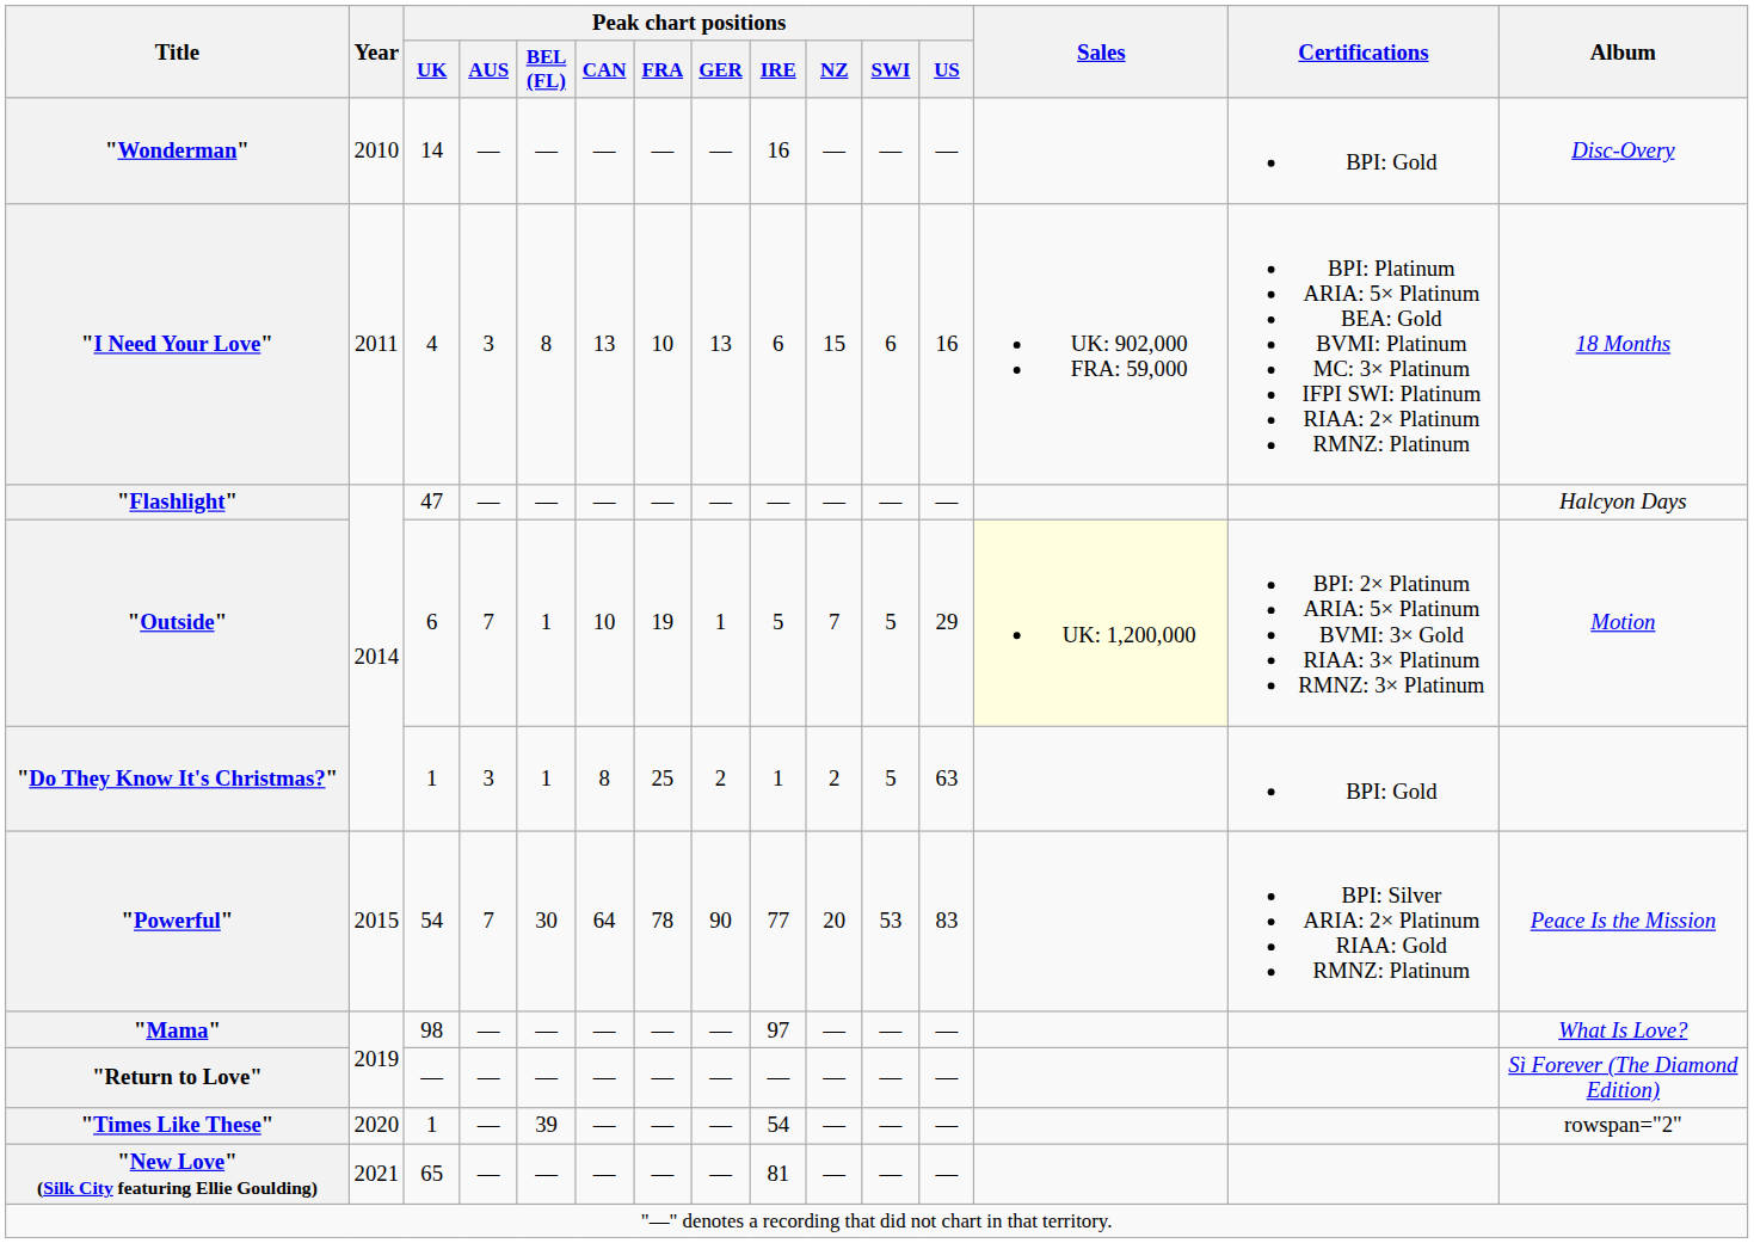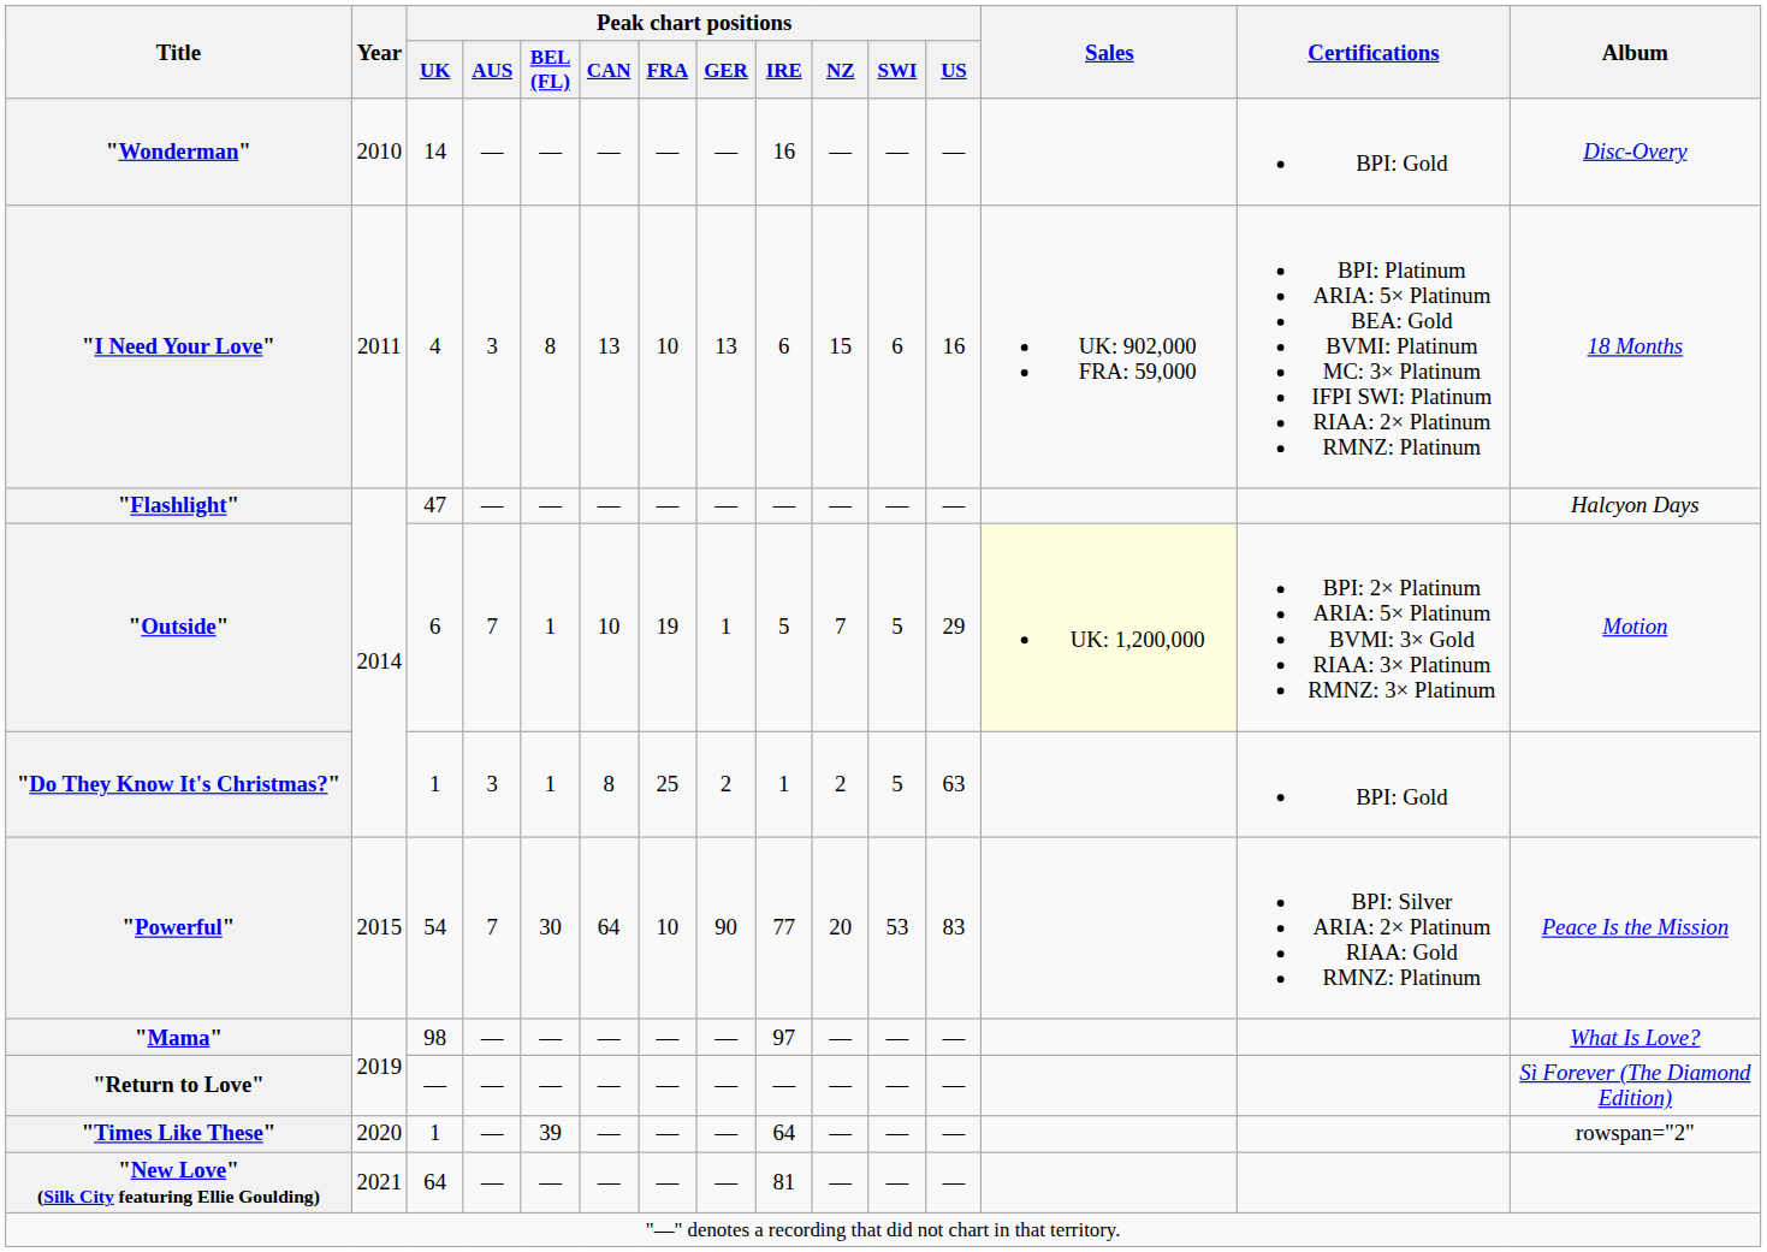 <table class="wikitable plainrowheaders" style="text-align:center;">
 <tr>
 <th scope="col" rowspan="2" style="width:17em;">Title</th>
 <th scope="col" rowspan="2" style="width:1em;">Year</th>
 <th scope="col" colspan="10">Peak chart positions</th>
 <th scope="col" rowspan="2" style="width:12em;"><a href='#'>Sales</a></th>
 <th scope="col" rowspan="2" style="width:13em;"><a href='#'>Certifications</a></th>
 <th scope="col" rowspan="2" style="width:12em;">Album</th>
 </tr>
 <tr>
 <th scope="col" style="width:2.5em;font-size:90%;"><a href='#'>UK</a><br></th>
 <th scope="col" style="width:2.5em;font-size:90%;"><a href='#'>AUS</a><br></th>
 <th scope="col" style="width:2.5em;font-size:90%;"><a href='#'>BEL <br>(FL)</a><br></th>
 <th scope="col" style="width:2.5em;font-size:90%;"><a href='#'>CAN</a><br></th>
 <th scope="col" style="width:2.5em;font-size:90%;"><a href='#'>FRA</a><br></th>
 <th scope="col" style="width:2.5em;font-size:90%;"><a href='#'>GER</a><br></th>
 <th scope="col" style="width:2.5em;font-size:90%;"><a href='#'>IRE</a><br></th>
 <th scope="col" style="width:2.5em;font-size:90%;"><a href='#'>NZ</a><br></th>
 <th scope="col" style="width:2.5em;font-size:90%;"><a href='#'>SWI</a><br></th>
 <th scope="col" style="width:2.5em;font-size:90%;"><a href='#'>US</a><br></th>
 </tr>
 <tr>
 <th scope="row">"<a href='#'>Wonderman</a>"<br></th>
 <td>2010</td>
 <td>14</td>
 <td>—</td>
 <td>—</td>
 <td>—</td>
 <td>—</td>
 <td>—</td>
 <td>16</td>
 <td>—</td>
 <td>—</td>
 <td>—</td>
 <td></td>
 <td><br><ul><li>BPI: Gold</li></ul></td>
 <td><em><a href='#'>Disc-Overy</a></em></td>
 </tr>
 <tr>
 <th scope="row">"<a href='#'>I Need Your Love</a>"<br></th>
 <td>2011</td>
 <td>4</td>
 <td>3</td>
 <td>8</td>
 <td>13</td>
 <td>10</td>
 <td>13</td>
 <td>6</td>
 <td>15</td>
 <td>6</td>
 <td>16</td>
 <td><br><ul><li>UK: 902,000</li><li>FRA: 59,000</li></ul></td>
 <td><br><ul><li>BPI: Platinum</li><li>ARIA: 5× Platinum</li><li>BEA: Gold</li><li>BVMI: Platinum</li><li>MC: 3× Platinum</li><li>IFPI SWI: Platinum</li><li>RIAA: 2× Platinum</li><li>RMNZ: Platinum</li></ul></td>
 <td><em><a href='#'>18 Months</a></em></td>
 </tr>
 <tr>
 <th scope="row">"<a href='#'>Flashlight</a>"<br></th>
 <td rowspan="3">2014</td>
 <td>47</td>
 <td>—</td>
 <td>—</td>
 <td>—</td>
 <td>—</td>
 <td>—</td>
 <td>—</td>
 <td>—</td>
 <td>—</td>
 <td>—</td>
 <td></td>
 <td></td>
 <td><em>Halcyon Days</em></td>
 </tr>
 <tr>
 <th scope="row">"<a href='#'>Outside</a>"<br></th>
 <td>6</td>
 <td>7</td>
 <td>1</td>
 <td>10</td>
 <td>19</td>
 <td>1</td>
 <td>5</td>
 <td>7</td>
 <td>5</td>
 <td>29</td>
 <td style="background: lightyellow;"><br><ul><li>UK: 1,200,000</li></ul></td>
 <td><br><ul><li>BPI: 2× Platinum</li><li>ARIA: 5× Platinum</li><li>BVMI: 3× Gold</li><li>RIAA: 3× Platinum</li><li>RMNZ: 3× Platinum</li></ul></td>
 <td><em><a href='#'>Motion</a></em></td>
 </tr>
 <tr>
 <th scope="row">"<a href='#'>Do They Know It's Christmas?</a>"<br></th>
 <td>1</td>
 <td>3</td>
 <td>1</td>
 <td>8</td>
 <td>25</td>
 <td>2</td>
 <td>1</td>
 <td>2</td>
 <td>5</td>
 <td>63</td>
 <td></td>
 <td><br><ul><li>BPI: Gold</li></ul></td>
 <td></td>
 </tr>
 <tr>
 <th scope="row">"<a href='#'>Powerful</a>"<br></th>
 <td>2015</td>
 <td>54</td>
 <td>7</td>
 <td>30</td>
 <td>64</td>
-<td>78</td>
+<td>10</td>
 <td>90</td>
 <td>77</td>
 <td>20</td>
 <td>53</td>
 <td>83</td>
 <td></td>
 <td><br><ul><li>BPI: Silver</li><li>ARIA: 2× Platinum</li><li>RIAA: Gold</li><li>RMNZ: Platinum</li></ul></td>
 <td><em><a href='#'>Peace Is the Mission</a></em></td>
 </tr>
 <tr>
 <th scope="row">"<a href='#'>Mama</a>"<br></th>
 <td rowspan="2">2019</td>
 <td>98</td>
 <td>—</td>
 <td>—</td>
 <td>—</td>
 <td>—</td>
 <td>—</td>
 <td>97</td>
 <td>—</td>
 <td>—</td>
 <td>—</td>
 <td></td>
 <td></td>
 <td><em><a href='#'>What Is Love?</a></em></td>
 </tr>
 <tr>
 <th scope="row">"Return to Love"<br></th>
 <td>—</td>
 <td>—</td>
 <td>—</td>
 <td>—</td>
 <td>—</td>
 <td>—</td>
 <td>—</td>
 <td>—</td>
 <td>—</td>
 <td>—</td>
 <td></td>
 <td></td>
 <td><em><a href='#'>Sì Forever (The Diamond Edition)</a></em></td>
 </tr>
 <tr>
 <th scope="row">"<a href='#'>Times Like These</a>"<br></th>
 <td>2020</td>
 <td>1</td>
 <td>—</td>
 <td>39</td>
 <td>—</td>
 <td>—</td>
 <td>—</td>
-<td>54</td>
+<td>64</td>
 <td>—</td>
 <td>—</td>
 <td>—</td>
 <td></td>
 <td></td>
 <td>rowspan="2" </td>
 </tr>
 <tr>
 <th scope="row">"<a href='#'>New Love</a>"<br><small>(<a href='#'>Silk City</a> featuring Ellie Goulding)</small></th>
 <td>2021</td>
-<td>65</td>
+<td>64</td>
 <td>—</td>
 <td>—</td>
 <td>—</td>
 <td>—</td>
 <td>—</td>
 <td>81</td>
 <td>—</td>
 <td>—</td>
 <td>—</td>
 <td></td>
 <td></td>
 </tr>
 <tr>
 <td colspan="15" style="font-size:90%">"—" denotes a recording that did not chart in that territory.</td>
 </tr>
 </table>
